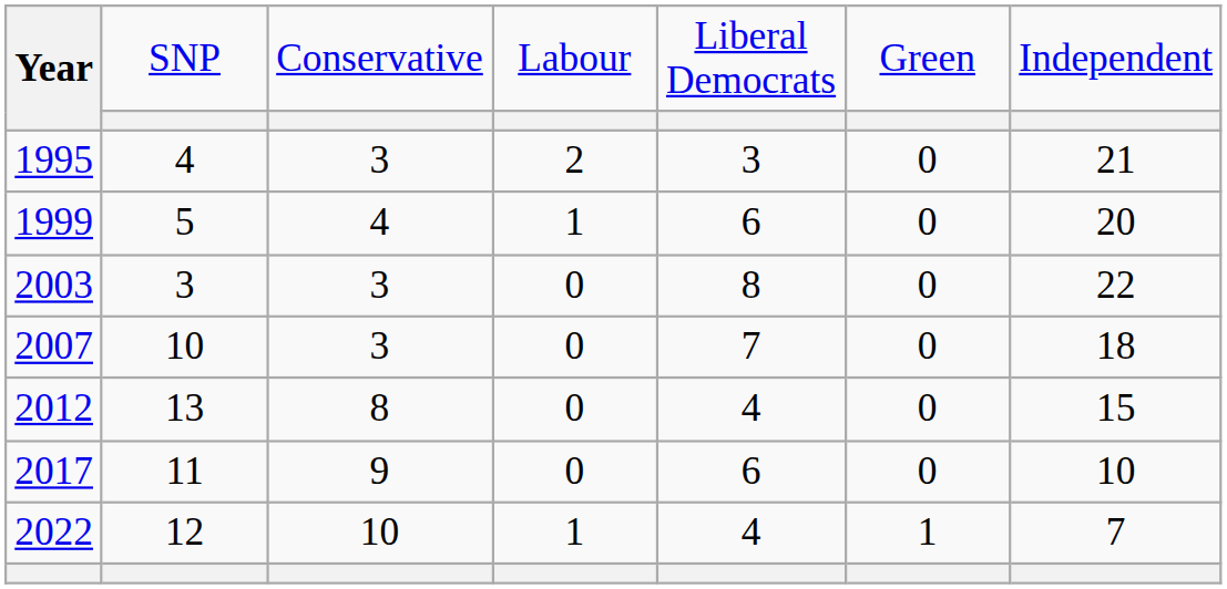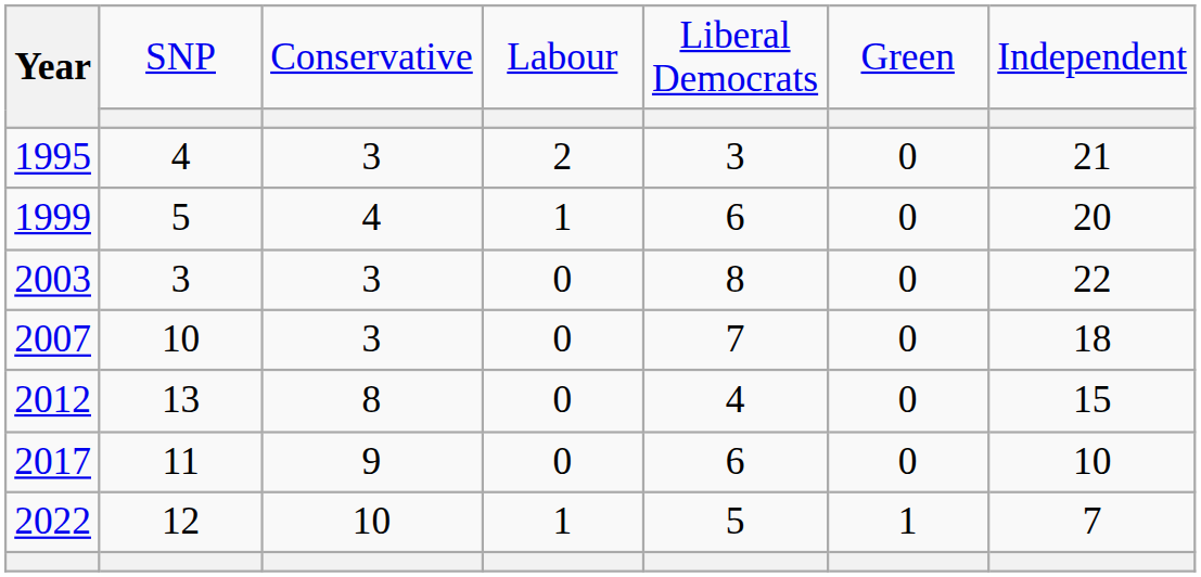 <table class=wikitable style=text-align:center>
 <tr>
 <th rowspan=2>Year</th>
 <td width="60"><a href='#'>SNP</a></td>
 <td width="60"><a href='#'>Conservative</a></td>
 <td width="60"><a href='#'>Labour</a></td>
 <td width="60"><a href='#'>Liberal Democrats</a></td>
 <td width="60"><a href='#'>Green</a></td>
 <td width="60"><a href='#'>Independent</a></td>
 </tr>
 <tr>
 <th style="background-color: "></th>
 <th style="background-color: "></th>
 <th style="background-color: "></th>
 <th style="background-color: "></th>
 <th style="background-color: "></th>
 <th style="background-color: "></th>
 </tr>
 <tr>
 <td><a href='#'>1995</a></td>
 <td>4</td>
 <td>3</td>
 <td>2</td>
 <td>3</td>
 <td>0</td>
 <td>21</td>
 </tr>
 <tr>
 <td><a href='#'>1999</a></td>
 <td>5</td>
 <td>4</td>
 <td>1</td>
 <td>6</td>
 <td>0</td>
 <td>20</td>
 </tr>
 <tr>
 <td><a href='#'>2003</a></td>
 <td>3</td>
 <td>3</td>
 <td>0</td>
 <td>8</td>
 <td>0</td>
 <td>22</td>
 </tr>
 <tr>
 <td><a href='#'>2007</a></td>
 <td>10</td>
 <td>3</td>
 <td>0</td>
 <td>7</td>
 <td>0</td>
 <td>18</td>
 </tr>
 <tr>
 <td><a href='#'>2012</a></td>
 <td>13</td>
 <td>8</td>
 <td>0</td>
 <td>4</td>
 <td>0</td>
 <td>15</td>
 </tr>
 <tr>
 <td><a href='#'>2017</a></td>
 <td>11</td>
 <td>9</td>
 <td>0</td>
 <td>6</td>
 <td>0</td>
 <td>10</td>
 </tr>
 <tr>
 <td><a href='#'>2022</a></td>
 <td>12</td>
 <td>10</td>
 <td>1</td>
-<td>4</td>
+<td>5</td>
 <td>1</td>
 <td>7</td>
 </tr>
 <tr>
 <th></th>
 <th style="background-color: "></th>
 <th style="background-color: "></th>
 <th style="background-color: "></th>
 <th style="background-color: "></th>
 <th style="background-color: "></th>
 <th style="background-color: "></th>
 </tr>
 </table>
